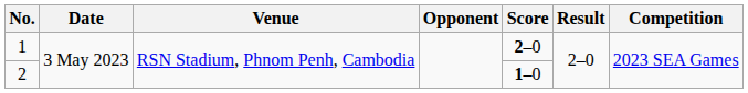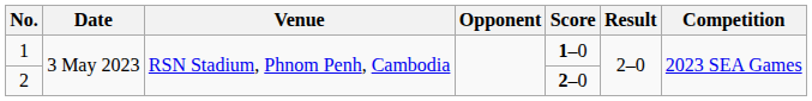 <table class="wikitable sortable">
 <tr>
 <th scope="col">No.</th>
 <th scope="col">Date</th>
 <th scope="col">Venue</th>
 <th scope="col">Opponent</th>
 <th scope="col">Score</th>
 <th scope="col">Result</th>
 <th scope="col">Competition</th>
 </tr>
 <tr>
 <td style="text-align:center">1</td>
 <td rowspan="2">3 May 2023</td>
 <td rowspan="2"><a href='#'>RSN Stadium</a>, <a href='#'>Phnom Penh</a>, <a href='#'>Cambodia</a></td>
 <td rowspan="2"></td>
-<td style="text-align:center"><strong>2</strong>–0</td>
+<td style="text-align:center"><strong>1</strong>–0</td>
 <td rowspan="2" style="text-align:center">2–0</td>
 <td rowspan="2"><a href='#'>2023 SEA Games</a></td>
 </tr>
 <tr>
 <td style="text-align:center">2</td>
-<td style="text-align:center"><strong>1</strong>–0</td>
+<td style="text-align:center"><strong>2</strong>–0</td>
 </tr>
 </table>
